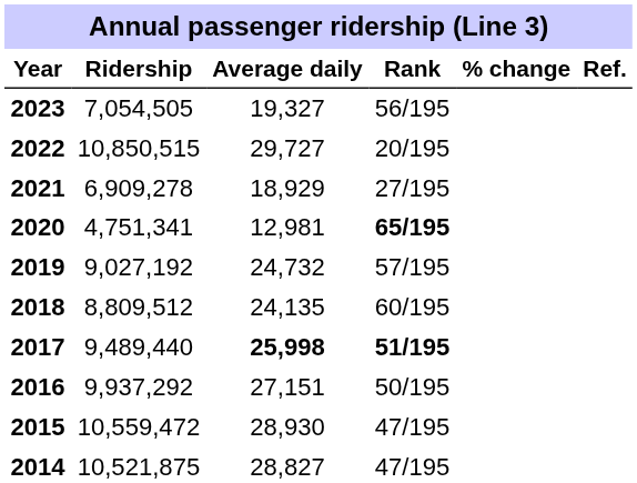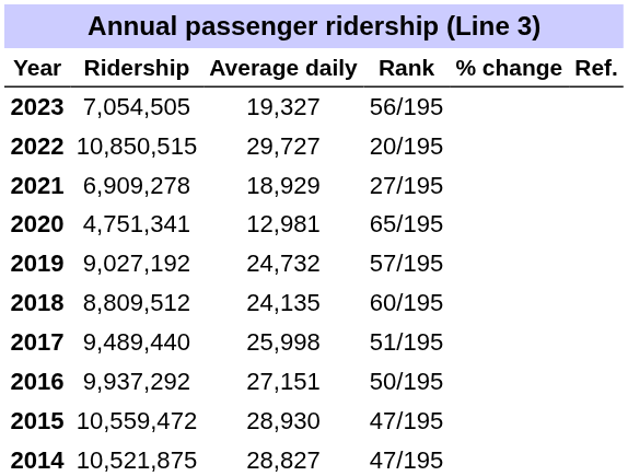 <table class="toccolours" cellpadding="4" cellspacing="0" style="text-align:right;">
 <tr>
 <th colspan="6"  style="background-color:#ccf; background-color:#ccf; font-size:110%; text-align:center;">Annual passenger ridership (Line 3)</th>
 </tr>
 <tr style="font-size:95%; text-align:center">
 <th style="border-bottom:1px solid black">Year</th>
 <th style="border-bottom:1px solid black">Ridership</th>
 <th style="border-bottom:1px solid black">Average daily</th>
 <th style="border-bottom:1px solid black">Rank</th>
 <th style="border-bottom:1px solid black">% change</th>
 <th style="border-bottom:1px solid black">Ref.</th>
 </tr>
 <tr style="text-align:center;">
 <td><strong>2023</strong></td>
 <td>7,054,505</td>
 <td>19,327</td>
 <td>56/195</td>
 <td></td>
 <td></td>
 </tr>
 <tr style="text-align:center;">
 <td><strong>2022</strong></td>
 <td>10,850,515</td>
 <td>29,727</td>
 <td>20/195</td>
 <td></td>
 <td></td>
 </tr>
 <tr style="text-align:center;">
 <td><strong>2021</strong></td>
 <td>6,909,278</td>
 <td>18,929</td>
 <td>27/195</td>
 <td></td>
 <td></td>
 </tr>
 <tr style="text-align:center;">
 <td><strong>2020</strong></td>
 <td>4,751,341</td>
 <td>12,981</td>
-<td><strong>65/195</strong></td>
+<td>65/195</td>
 <td></td>
 <td></td>
 </tr>
 <tr style="text-align:center;">
 <td><strong>2019</strong></td>
 <td>9,027,192</td>
 <td>24,732</td>
 <td>57/195</td>
 <td></td>
 <td></td>
 </tr>
 <tr style="text-align:center;">
 <td><strong>2018</strong></td>
 <td>8,809,512</td>
 <td>24,135</td>
 <td>60/195</td>
 <td></td>
 <td></td>
 </tr>
 <tr style="text-align:center;">
 <td><strong>2017</strong></td>
 <td>9,489,440</td>
-<td><strong>25,998</strong></td>
-<td><strong>51/195</strong></td>
+<td>25,998</td>
+<td>51/195</td>
 <td></td>
 <td></td>
 </tr>
 <tr style="text-align:center;">
 <td><strong>2016</strong></td>
 <td>9,937,292</td>
 <td>27,151</td>
 <td>50/195</td>
 <td></td>
 <td></td>
 </tr>
 <tr style="text-align:center;">
 <td><strong>2015</strong></td>
 <td>10,559,472</td>
 <td>28,930</td>
 <td>47/195</td>
 <td></td>
 <td></td>
 </tr>
 <tr style="text-align:center;">
 <td><strong>2014</strong></td>
 <td>10,521,875</td>
 <td>28,827</td>
 <td>47/195</td>
 <td></td>
 <td></td>
 </tr>
 </table>
